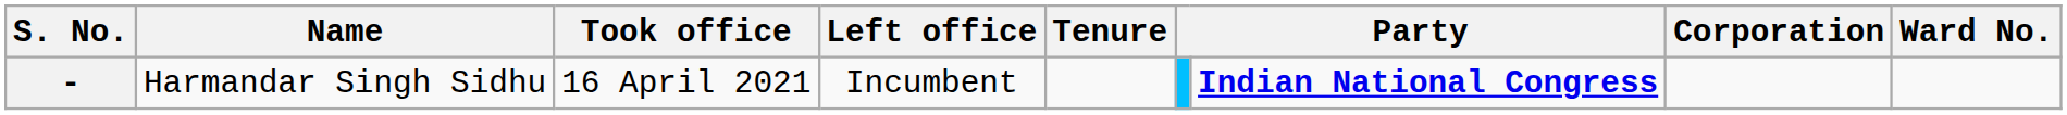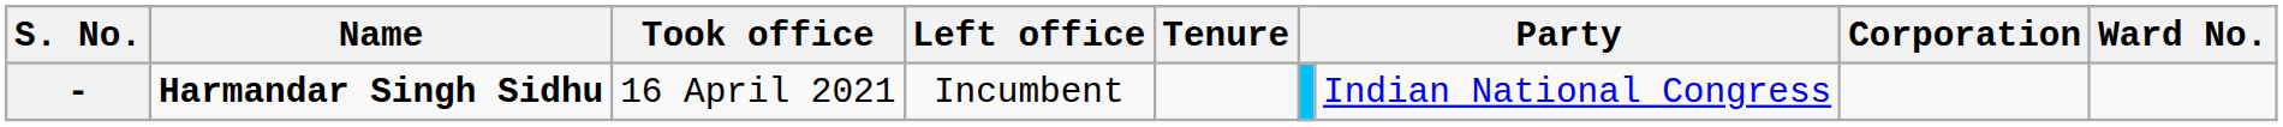 <table class="wikitable" style="text-align:center">
 <tr>
 <th>S. No.</th>
 <th>Name</th>
 <th>Took office</th>
 <th>Left office</th>
 <th>Tenure</th>
 <th colspan=2>Party</th>
 <th>Corporation</th>
 <th>Ward No.</th>
 </tr>
 <tr>
 <th>-</th>
-<td>Harmandar Singh Sidhu</td>
+<td><strong>Harmandar Singh Sidhu</strong></td>
 <td>16 April 2021</td>
 <td>Incumbent</td>
 <td></td>
 <td bgcolor=#00BFFF></td>
-<td><strong><a href='#'>Indian National Congress</a></strong></td>
+<td><a href='#'>Indian National Congress</a></td>
 <td></td>
 <td></td>
 </tr>
 </table>
